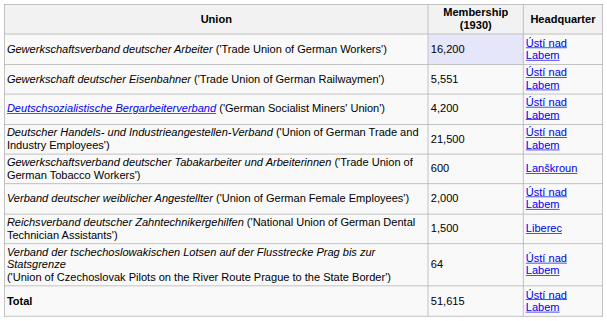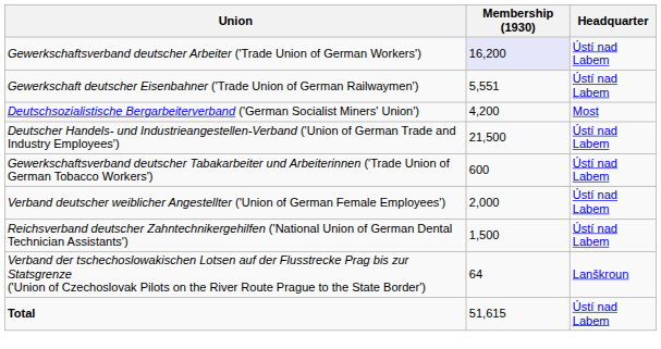 <table class="wikitable">
 <tr>
 <th>Union</th>
 <th>Membership (1930)</th>
 <th>Headquarter</th>
 </tr>
 <tr>
 <td><em>Gewerkschaftsverband deutscher Arbeiter</em> ('Trade Union of German Workers')</td>
 <td style="background: lavender;">16,200</td>
 <td><a href='#'>Ústí nad Labem</a></td>
 </tr>
 <tr>
 <td><em>Gewerkschaft deutscher Eisenbahner</em> ('Trade Union of German Railwaymen')</td>
 <td>5,551</td>
 <td><a href='#'>Ústí nad Labem</a></td>
 </tr>
 <tr>
 <td><em><a href='#'>Deutschsozialistische Bergarbeiterverband</a></em> ('German Socialist Miners' Union')</td>
 <td>4,200</td>
-<td><a href='#'>Ústí nad Labem</a></td>
+<td><a href='#'>Most</a></td>
 </tr>
 <tr>
 <td><em>Deutscher Handels- und Industrieangestellen-Verband</em> ('Union of German Trade and Industry Employees')</td>
 <td>21,500</td>
 <td><a href='#'>Ústí nad Labem</a></td>
 </tr>
 <tr>
 <td><em>Gewerkschaftsverband deutscher Tabakarbeiter und Arbeiterinnen</em> ('Trade Union of German Tobacco Workers')</td>
 <td>600</td>
-<td><a href='#'>Lanškroun</a></td>
+<td><a href='#'>Ústí nad Labem</a></td>
 </tr>
 <tr>
 <td><em>Verband deutscher weiblicher Angestellter</em> ('Union of German Female Employees')</td>
 <td>2,000</td>
 <td><a href='#'>Ústí nad Labem</a></td>
 </tr>
 <tr>
 <td><em>Reichsverband deutscher Zahntechnikergehilfen</em> ('National Union of German Dental Technician Assistants')</td>
 <td>1,500</td>
-<td><a href='#'>Liberec</a></td>
+<td><a href='#'>Ústí nad Labem</a></td>
 </tr>
 <tr>
 <td><em>Verband der tschechoslowakischen Lotsen auf der Flusstrecke Prag bis zur Statsgrenze</em><br>('Union of Czechoslovak Pilots on the River Route Prague to the State Border')</td>
 <td>64</td>
-<td><a href='#'>Ústí nad Labem</a></td>
+<td><a href='#'>Lanškroun</a></td>
 </tr>
 <tr>
 <td><strong>Total</strong></td>
 <td>51,615</td>
 <td><a href='#'>Ústí nad Labem</a></td>
 </tr>
 </table>
